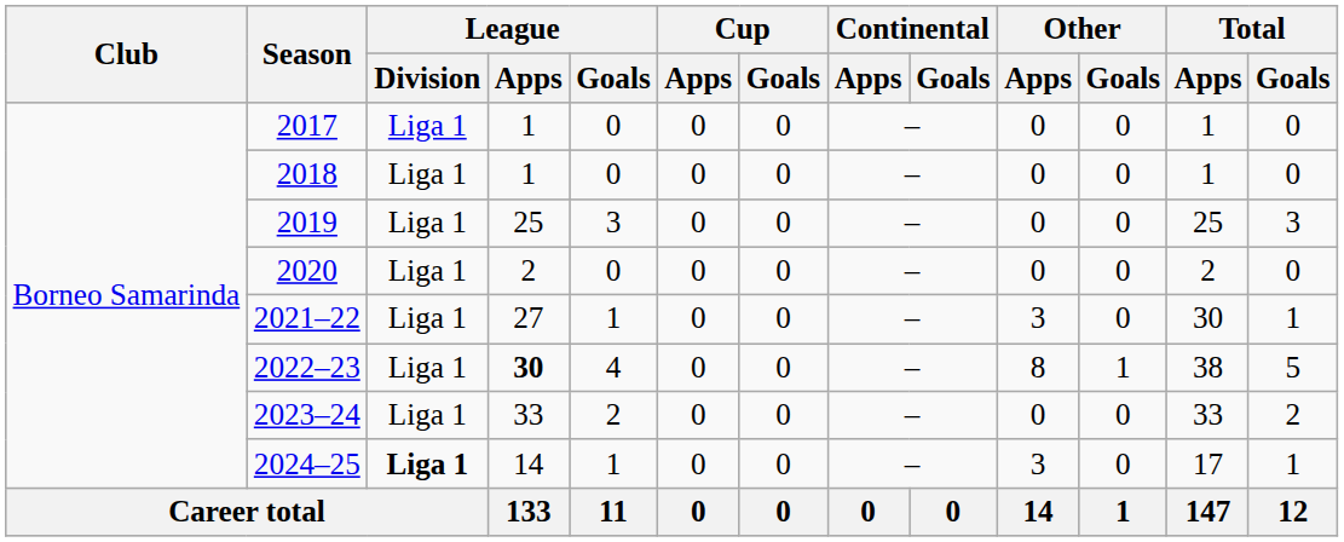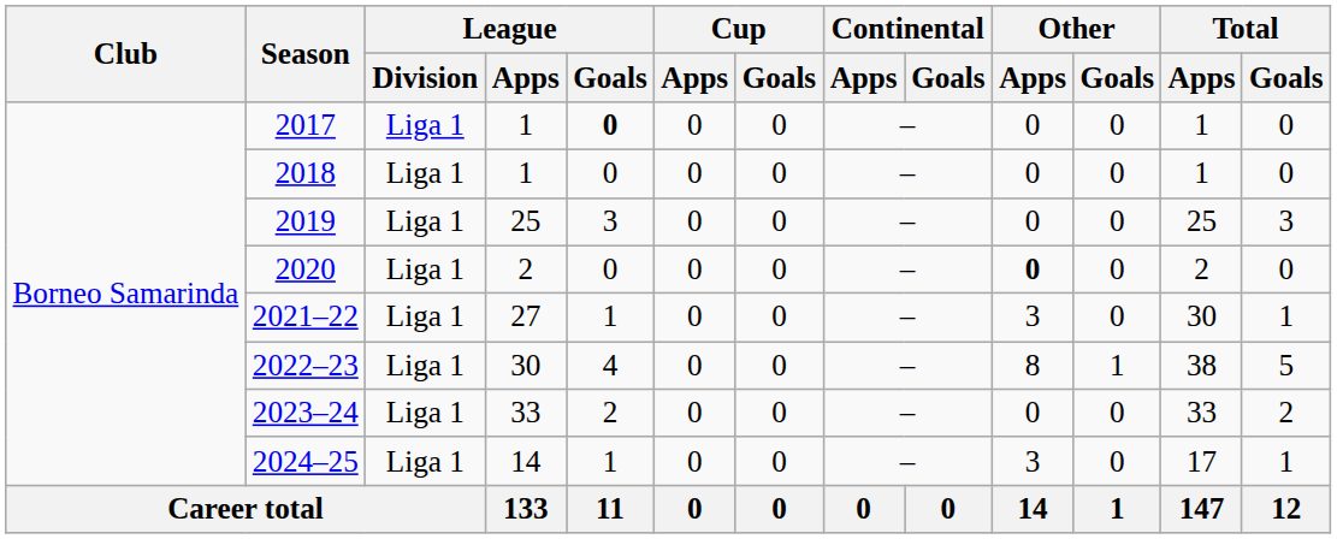 <table class="wikitable" style="text-align:center">
 <tr>
 <th rowspan="2">Club</th>
 <th rowspan="2">Season</th>
 <th colspan="3">League</th>
 <th colspan="2">Cup</th>
 <th colspan="2">Continental</th>
 <th colspan="2">Other</th>
 <th colspan="2">Total</th>
 </tr>
 <tr>
 <th>Division</th>
 <th>Apps</th>
 <th>Goals</th>
 <th>Apps</th>
 <th>Goals</th>
 <th>Apps</th>
 <th>Goals</th>
 <th>Apps</th>
 <th>Goals</th>
 <th>Apps</th>
 <th>Goals</th>
 </tr>
 <tr>
 <td rowspan="8" valign="center"><a href='#'>Borneo Samarinda</a></td>
 <td><a href='#'>2017</a></td>
 <td rowspan="1" valign="center"><a href='#'>Liga 1</a></td>
 <td>1</td>
-<td>0</td>
+<td><strong>0</strong></td>
 <td>0</td>
 <td>0</td>
 <td colspan=2>–</td>
 <td>0</td>
 <td>0</td>
 <td>1</td>
 <td>0</td>
 </tr>
 <tr>
 <td><a href='#'>2018</a></td>
 <td rowspan="1" valign="center">Liga 1</td>
 <td>1</td>
 <td>0</td>
 <td>0</td>
 <td>0</td>
 <td colspan=2>–</td>
 <td>0</td>
 <td>0</td>
 <td>1</td>
 <td>0</td>
 </tr>
 <tr>
 <td><a href='#'>2019</a></td>
 <td rowspan="1" valign="center">Liga 1</td>
 <td>25</td>
 <td>3</td>
 <td>0</td>
 <td>0</td>
 <td colspan=2>–</td>
 <td>0</td>
 <td>0</td>
 <td>25</td>
 <td>3</td>
 </tr>
 <tr>
 <td><a href='#'>2020</a></td>
 <td rowspan="1" valign="center">Liga 1</td>
 <td>2</td>
 <td>0</td>
 <td>0</td>
 <td>0</td>
 <td colspan=2>–</td>
-<td>0</td>
+<td><strong>0</strong></td>
 <td>0</td>
 <td>2</td>
 <td>0</td>
 </tr>
 <tr>
 <td><a href='#'>2021–22</a></td>
 <td rowspan="1" valign="center">Liga 1</td>
 <td>27</td>
 <td>1</td>
 <td>0</td>
 <td>0</td>
 <td colspan=2>–</td>
 <td>3</td>
 <td>0</td>
 <td>30</td>
 <td>1</td>
 </tr>
 <tr>
 <td><a href='#'>2022–23</a></td>
 <td rowspan="1" valign="center">Liga 1</td>
-<td><strong>30</strong></td>
+<td>30</td>
 <td>4</td>
 <td>0</td>
 <td>0</td>
 <td colspan=2>–</td>
 <td>8</td>
 <td>1</td>
 <td>38</td>
 <td>5</td>
 </tr>
 <tr>
 <td><a href='#'>2023–24</a></td>
 <td>Liga 1</td>
 <td>33</td>
 <td>2</td>
 <td>0</td>
 <td>0</td>
 <td colspan="2">–</td>
 <td>0</td>
 <td>0</td>
 <td>33</td>
 <td>2</td>
 </tr>
 <tr>
 <td><a href='#'>2024–25</a></td>
-<td><strong>Liga 1</strong></td>
+<td>Liga 1</td>
 <td>14</td>
 <td>1</td>
 <td>0</td>
 <td>0</td>
 <td colspan="2">–</td>
 <td>3</td>
 <td>0</td>
 <td>17</td>
 <td>1</td>
 </tr>
 <tr>
 <th colspan="3">Career total</th>
 <th>133</th>
 <th>11</th>
 <th>0</th>
 <th>0</th>
 <th>0</th>
 <th>0</th>
 <th>14</th>
 <th>1</th>
 <th>147</th>
 <th>12</th>
 </tr>
 </table>
